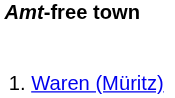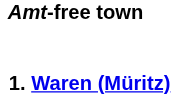 <table>
 <tr>
 <th><em>Amt</em>-free town</th>
 </tr>
 <tr>
-<td valign=top><br><ol><li><a href='#'>Waren (Müritz)</a></li></ol></td>
+<td valign=top><strong><br><ol><li><a href='#'>Waren (Müritz)</a></li></ol></strong></td>
 </tr>
 </table>
